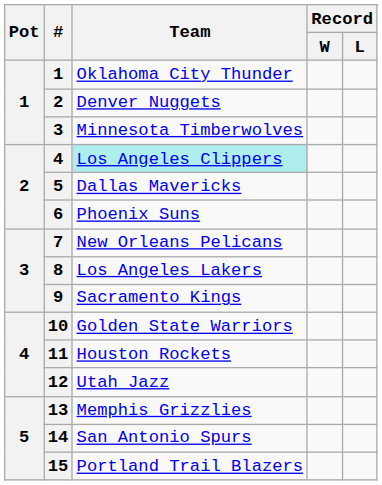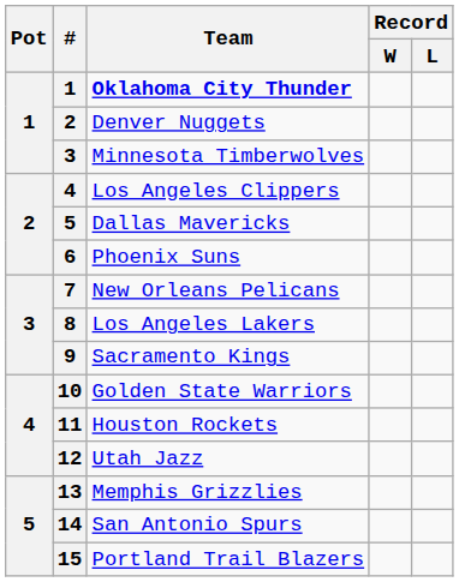 <table class="wikitable">
 <tr>
 <th scope="col" rowspan="2">Pot</th>
 <th scope="col" rowspan="2">#</th>
 <th scope="col" rowspan="2">Team</th>
 <th scope="colgroup" colspan="2">Record</th>
 </tr>
 <tr>
 <th scope="col">W</th>
 <th scope="col">L</th>
 </tr>
 <tr>
 <th rowspan="3">1</th>
 <th>1</th>
-<td scope="row"><a href='#'>Oklahoma City Thunder</a></td>
+<td scope="row"><strong><a href='#'>Oklahoma City Thunder</a></strong></td>
 <td></td>
 <td></td>
 </tr>
 <tr>
 <th>2</th>
 <td scope="row"><a href='#'>Denver Nuggets</a></td>
 <td></td>
 <td></td>
 </tr>
 <tr>
 <th>3</th>
 <td scope="row"><a href='#'>Minnesota Timberwolves</a></td>
 <td></td>
 <td></td>
 </tr>
 <tr>
 <th rowspan="3">2</th>
 <th>4</th>
-<td scope="row" style="background: paleturquoise;"><a href='#'>Los Angeles Clippers</a></td>
+<td scope="row"><a href='#'>Los Angeles Clippers</a></td>
 <td></td>
 <td></td>
 </tr>
 <tr>
 <th>5</th>
 <td scope="row"><a href='#'>Dallas Mavericks</a></td>
 <td></td>
 <td></td>
 </tr>
 <tr>
 <th>6</th>
 <td scope="row"><a href='#'>Phoenix Suns</a></td>
 <td></td>
 <td></td>
 </tr>
 <tr>
 <th rowspan="3">3</th>
 <th>7</th>
 <td scope="row"><a href='#'>New Orleans Pelicans</a></td>
 <td></td>
 <td></td>
 </tr>
 <tr>
 <th>8</th>
 <td scope="row"><a href='#'>Los Angeles Lakers</a></td>
 <td></td>
 <td></td>
 </tr>
 <tr>
 <th>9</th>
 <td scope="row"><a href='#'>Sacramento Kings</a></td>
 <td></td>
 <td></td>
 </tr>
 <tr>
 <th rowspan="3">4</th>
 <th>10</th>
 <td scope="row"><a href='#'>Golden State Warriors</a></td>
 <td></td>
 <td></td>
 </tr>
 <tr>
 <th>11</th>
 <td scope="row"><a href='#'>Houston Rockets</a></td>
 <td></td>
 <td></td>
 </tr>
 <tr>
 <th>12</th>
 <td scope="row"><a href='#'>Utah Jazz</a></td>
 <td></td>
 <td></td>
 </tr>
 <tr>
 <th rowspan="3">5</th>
 <th>13</th>
 <td scope="row"><a href='#'>Memphis Grizzlies</a></td>
 <td></td>
 <td></td>
 </tr>
 <tr>
 <th>14</th>
 <td scope="row"><a href='#'>San Antonio Spurs</a></td>
 <td></td>
 <td></td>
 </tr>
 <tr>
 <th>15</th>
 <td scope="row"><a href='#'>Portland Trail Blazers</a></td>
 <td></td>
 <td></td>
 </tr>
 </table>
